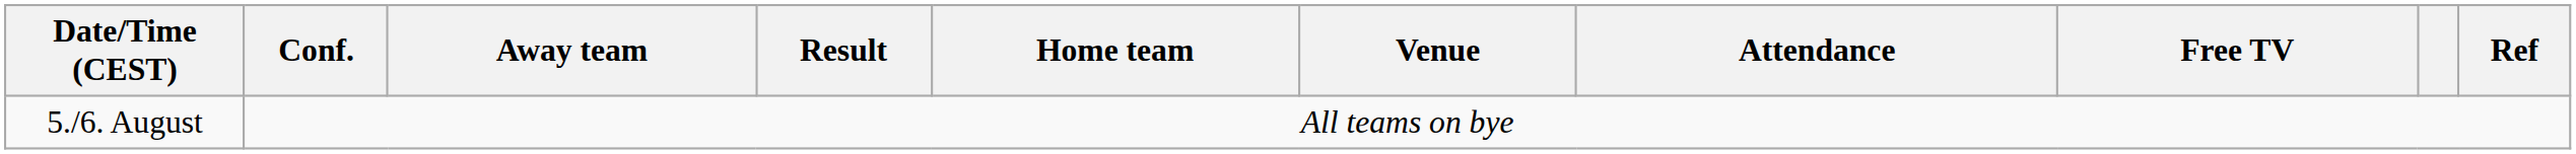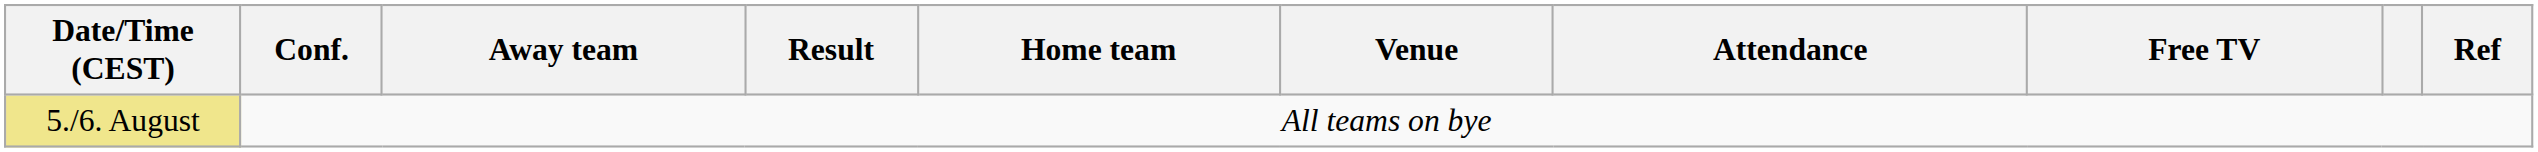 <table class="mw-collapsible wikitable" style="font-size:95%; text-align:center; width:80em">
 <tr>
 <th style="width:7em;">Date/Time (CEST)</th>
 <th style="width:4em;">Conf.</th>
 <th style="width:11em;">Away team</th>
 <th style="width:5em;">Result</th>
 <th style="width:11em;">Home team</th>
 <th>Venue</th>
 <th>Attendance</th>
 <th>Free TV</th>
 <th></th>
 <th style="width:3em;">Ref</th>
 </tr>
 <tr>
-<td>5./6. August</td>
+<td style="background: khaki;">5./6. August</td>
 <td colspan="9"><em>All teams on bye</em></td>
 </tr>
 </table>
